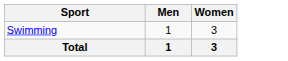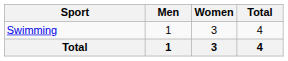 <table class="wikitable" style="text-align:center">
 <tr>
 <th width=200>Sport</th>
 <th width=60>Men</th>
 <th width=60>Women</th>
+<th width=60>Total</th>
 </tr>
 <tr>
 <td align=left><a href='#'>Swimming</a></td>
 <td>1</td>
 <td>3</td>
+<td>4</td>
 </tr>
 <tr>
 <th align=left>Total</th>
 <th>1</th>
 <th>3</th>
+<th>4</th>
 </tr>
 </table>
